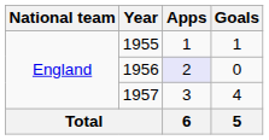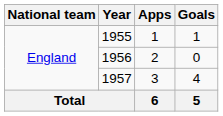 <table class="wikitable" style="text-align:center">
 <tr>
 <th>National team</th>
 <th>Year</th>
 <th>Apps</th>
 <th>Goals</th>
 </tr>
 <tr>
 <td rowspan="3"><a href='#'>England</a></td>
 <td>1955</td>
 <td>1</td>
 <td>1</td>
 </tr>
 <tr>
 <td>1956</td>
-<td style="background: lavender;">2</td>
+<td>2</td>
 <td>0</td>
 </tr>
 <tr>
 <td>1957</td>
 <td>3</td>
 <td>4</td>
 </tr>
 <tr>
 <th colspan="2">Total</th>
 <th>6</th>
 <th>5</th>
 </tr>
 </table>
